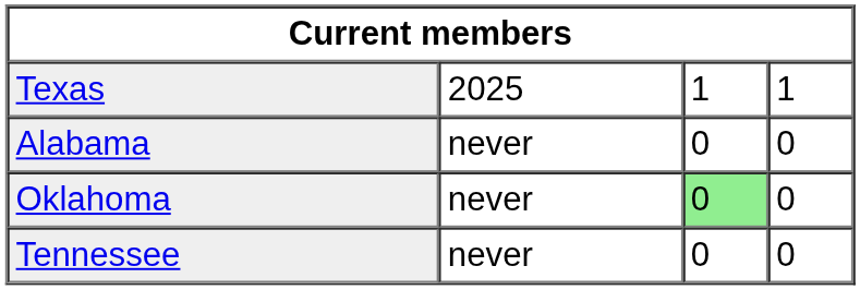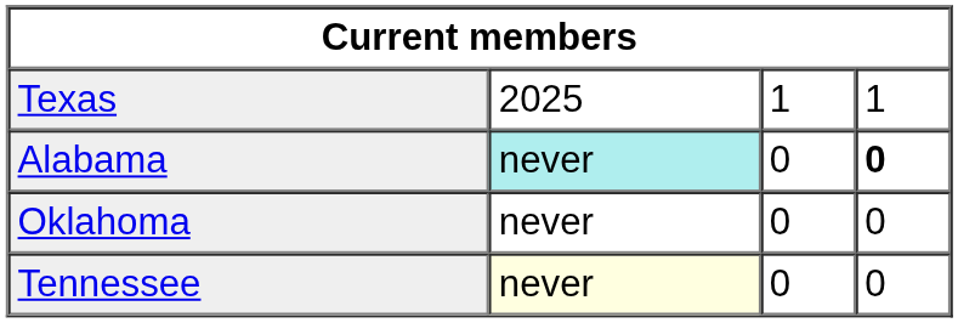 <table border="1" cellpadding="3" cellspacing="0" align="right" width="400px">
 <tr>
 </tr>
 <tr>
 <td colspan=6 align="center"><strong>Current members</strong></td>
 </tr>
 <tr>
 <td bgcolor="#efefef"><a href='#'>Texas</a></td>
 <td>2025</td>
 <td>1</td>
 <td>1</td>
 </tr>
 <tr>
 <td bgcolor="#efefef"><a href='#'>Alabama</a></td>
+<td style="background: paleturquoise;">never</td>
+<td>0</td>
+<td><strong>0</strong></td>
+</tr>
+<tr>
+<td bgcolor="#efefef"><a href='#'>Oklahoma</a></td>
 <td>never</td>
 <td>0</td>
 <td>0</td>
 </tr>
 <tr>
-<td bgcolor="#efefef"><a href='#'>Oklahoma</a></td>
-<td>never</td>
-<td style="background: lightgreen;">0</td>
-<td>0</td>
-</tr>
-<tr>
 <td bgcolor="#efefef"><a href='#'>Tennessee</a></td>
-<td>never</td>
+<td style="background: lightyellow;">never</td>
 <td>0</td>
 <td>0<br></td>
 </tr>
 </table>
